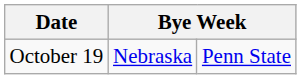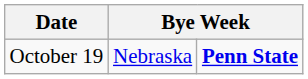 <table class="wikitable" style="font-size:95%;">
 <tr>
 <th>Date</th>
 <th colspan="2">Bye Week</th>
 </tr>
 <tr>
 <td>October 19</td>
 <td><a href='#'>Nebraska</a></td>
-<td><a href='#'>Penn State</a></td>
+<td><strong><a href='#'>Penn State</a></strong></td>
 </tr>
 </table>
